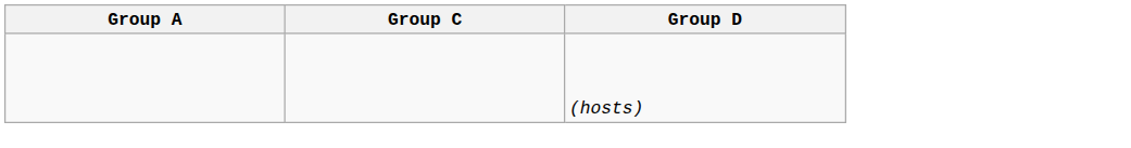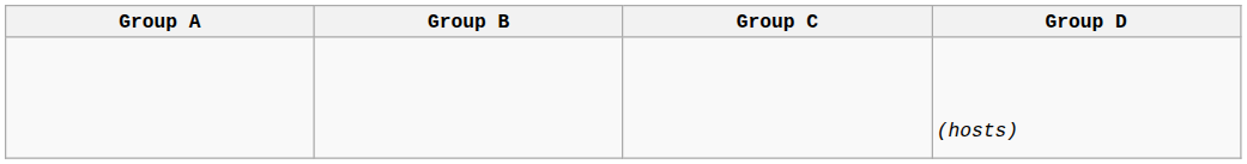 <table class="wikitable">
 <tr>
 <th width=200px>Group A</th>
+<th width=200px>Group B</th>
 <th width=200px>Group C</th>
 <th width=200px>Group D</th>
 </tr>
 <tr>
 <td><br> <br>  <br>  <br> </td>
+<td><br> <br>  <br>  <br>  <br></td>
 <td><br> <br>  <br> </td>
 <td><br> <br>  <br>  <em>(hosts)</em></td>
 </tr>
 </table>
